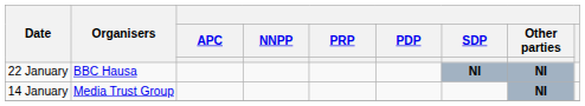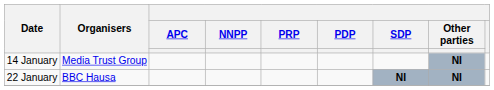 <table class="wikitable" style="text-align:center;">
 <tr>
 <th rowspan="3">Date</th>
 <th rowspan="3">Organisers</th>
 <th colspan="7">    <br>   </th>
 </tr>
 <tr>
 <th scope="col" style="width:5em;"><a href='#'>APC</a></th>
 <th scope="col" style="width:5em;"><a href='#'>NNPP</a></th>
 <th scope="col" style="width:5em;"><a href='#'>PRP</a></th>
 <th scope="col" style="width:5em;"><a href='#'>PDP</a></th>
 <th scope="col" style="width:5em;"><a href='#'>SDP</a></th>
 <th scope="col" style="width:5em;">Other parties</th>
 <th rowspan="2"></th>
 </tr>
 <tr>
 <th style="background:"></th>
 <th style="background:"></th>
 <th style="background:"></th>
 <th style="background:"></th>
 <th style="background:"></th>
 <th style="background:"></th>
 </tr>
 <tr>
+<td style="white-space:nowrap; text-align:left;">14 January</td>
+<td style="white-space:nowrap; text-align:left;"><a href='#'>Media Trust Group</a></td>
+<td></td>
+<td></td>
+<td></td>
+<td></td>
+<td></td>
+<td style="background:#A2B2C2;"><strong>NI</strong><br></td>
+<td></td>
+</tr>
+<tr>
 <td style="white-space:nowrap; text-align:left;">22 January</td>
 <td style="white-space:nowrap; text-align:left;"><a href='#'>BBC Hausa</a></td>
 <td></td>
 <td></td>
 <td></td>
 <td></td>
 <td style="background:#A2B2C2;"><strong>NI</strong></td>
 <td style="background:#A2B2C2;"><strong>NI</strong><br></td>
 <td></td>
 </tr>
 <tr>
-<td style="white-space:nowrap; text-align:left;">14 January</td>
-<td style="white-space:nowrap; text-align:left;"><a href='#'>Media Trust Group</a></td>
-<td></td>
-<td></td>
-<td></td>
-<td></td>
-<td></td>
-<td style="background:#A2B2C2;"><strong>NI</strong><br></td>
-<td></td>
-</tr>
-<tr>
 </tr>
 </table>
